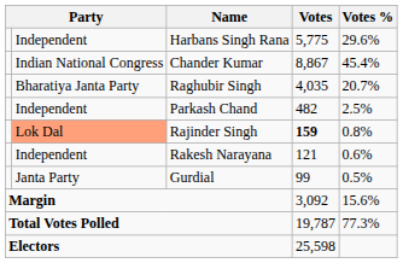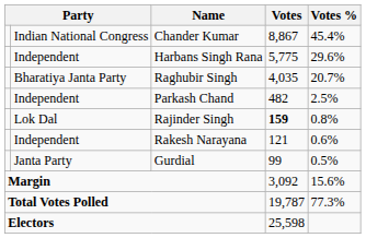 <table class="wikitable sortable">
 <tr>
 <th colspan="2" rowspan="1">Party</th>
 <th colspan="1" rowspan="1">Name</th>
 <th colspan="1" rowspan="1">Votes</th>
 <th colspan="1" rowspan="1">Votes %</th>
 </tr>
 <tr>
 <td></td>
+<td>Indian National Congress</td>
+<td>Chander Kumar</td>
+<td>8,867</td>
+<td>45.4%</td>
+</tr>
+<tr>
+<td></td>
 <td>Independent</td>
 <td>Harbans Singh Rana</td>
 <td>5,775</td>
 <td>29.6%</td>
-</tr>
-<tr>
-<td></td>
-<td>Indian National Congress</td>
-<td>Chander Kumar</td>
-<td>8,867</td>
-<td>45.4%</td>
 </tr>
 <tr>
 <td></td>
 <td>Bharatiya Janta Party</td>
 <td>Raghubir Singh</td>
 <td>4,035</td>
 <td>20.7%</td>
 </tr>
 <tr>
 <td></td>
 <td>Independent</td>
 <td>Parkash Chand</td>
 <td>482</td>
 <td>2.5%</td>
 </tr>
 <tr>
 <td></td>
-<td style="background: lightsalmon;">Lok Dal</td>
+<td>Lok Dal</td>
 <td>Rajinder Singh</td>
 <td><strong>159</strong></td>
 <td>0.8%</td>
 </tr>
 <tr>
 <td></td>
 <td>Independent</td>
 <td>Rakesh Narayana</td>
 <td>121</td>
 <td>0.6%</td>
 </tr>
 <tr>
 <td></td>
 <td>Janta Party</td>
 <td>Gurdial</td>
 <td>99</td>
 <td>0.5%</td>
 </tr>
 <tr>
 <td colspan="3"><strong>Margin</strong></td>
 <td>3,092</td>
 <td>15.6%</td>
 </tr>
 <tr>
 <td colspan="3"><strong>Total Votes Polled</strong></td>
 <td>19,787</td>
 <td>77.3%</td>
 </tr>
 <tr>
 <td colspan="3"><strong>Electors</strong></td>
 <td>25,598</td>
 <td></td>
 </tr>
 </table>
